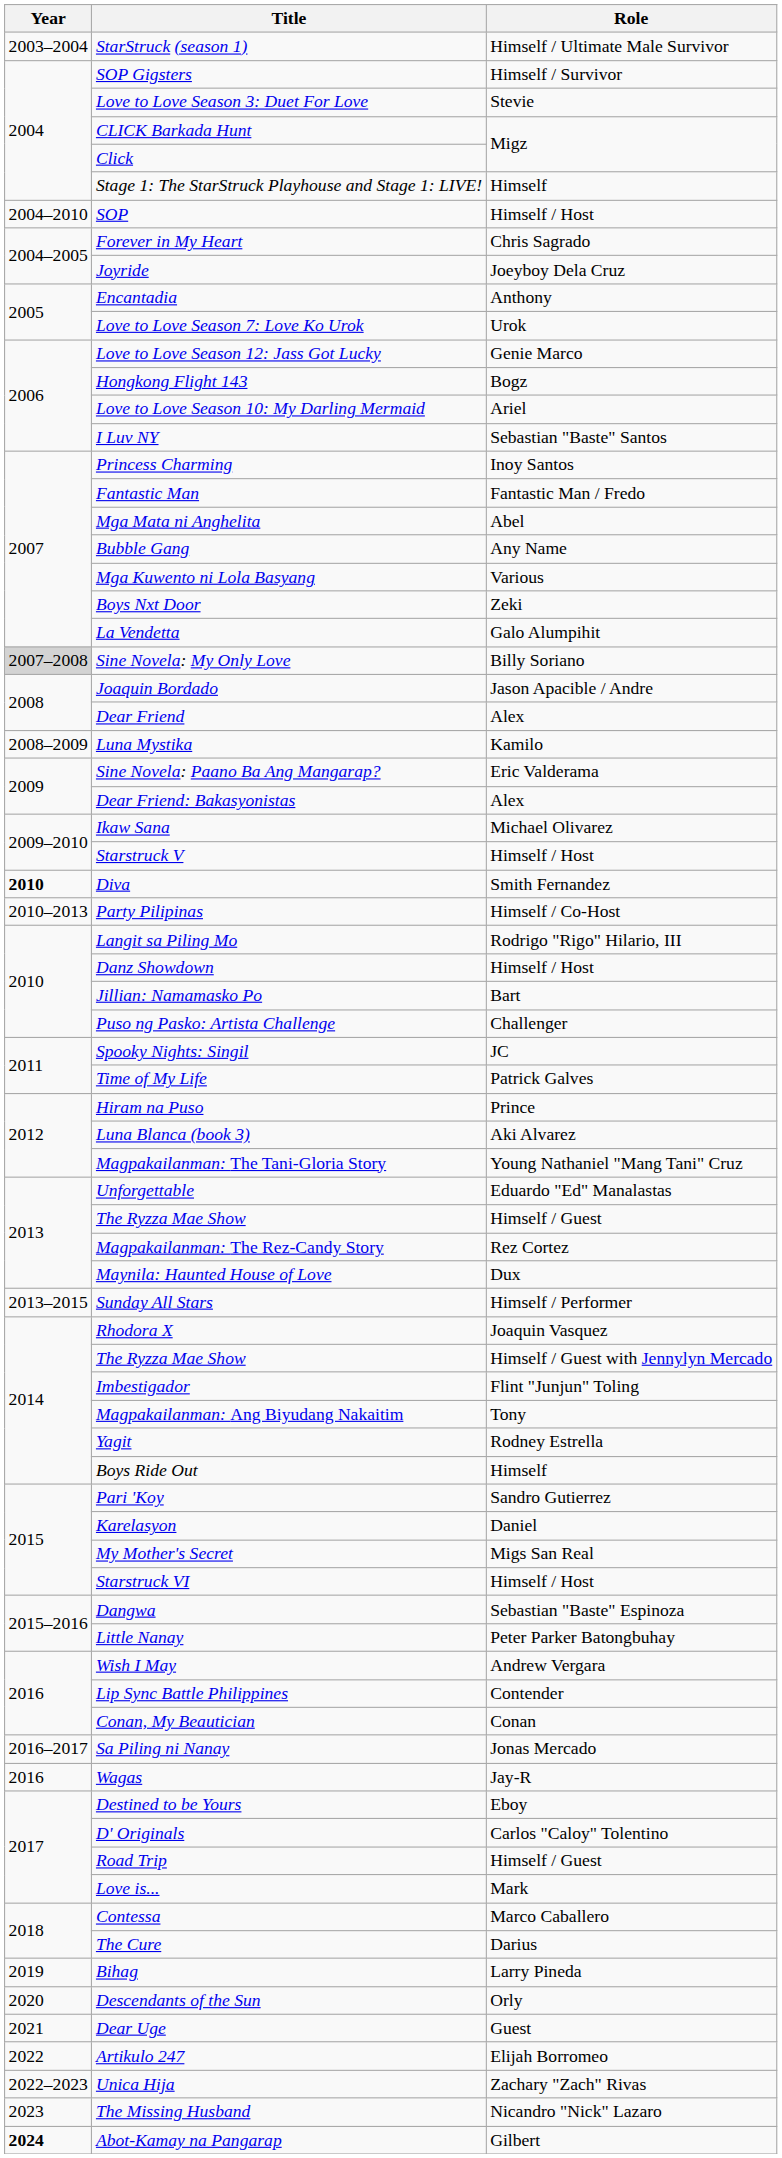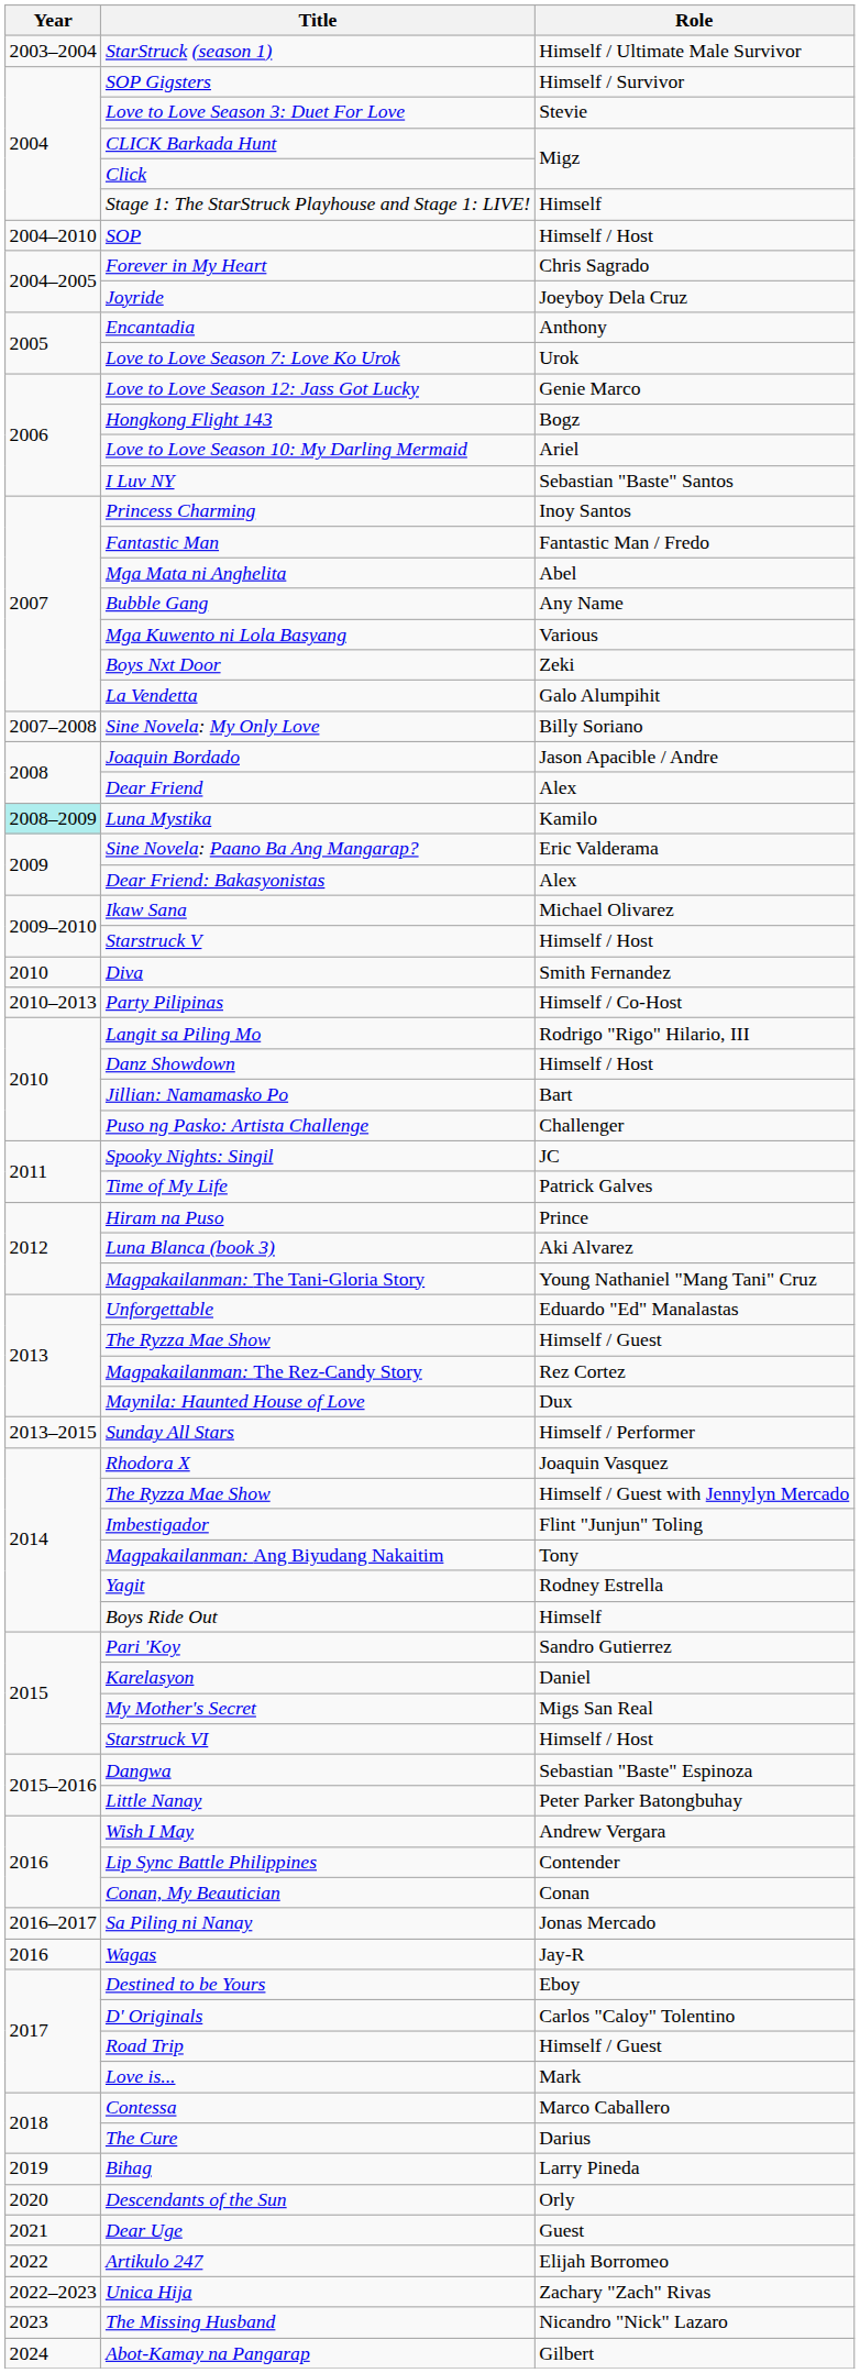 <table class="wikitable sortable">
 <tr>
 <th>Year</th>
 <th>Title</th>
 <th>Role</th>
 </tr>
 <tr>
 <td>2003–2004</td>
 <td><em><a href='#'>StarStruck</a> <a href='#'>(season 1)</a></em></td>
 <td>Himself / Ultimate Male Survivor</td>
 </tr>
 <tr>
 <td rowspan="5">2004</td>
 <td><em><a href='#'>SOP Gigsters</a></em></td>
 <td>Himself / Survivor</td>
 </tr>
 <tr>
 <td><em><a href='#'>Love to Love Season 3: Duet For Love</a></em></td>
 <td>Stevie</td>
 </tr>
 <tr>
 <td><em><a href='#'>CLICK Barkada Hunt</a></em></td>
 <td rowspan="2">Migz</td>
 </tr>
 <tr>
 <td><em><a href='#'>Click</a></em></td>
 </tr>
 <tr>
 <td><em>Stage 1: The StarStruck Playhouse and Stage 1: LIVE!</em></td>
 <td>Himself</td>
 </tr>
 <tr>
 <td>2004–2010</td>
 <td><em><a href='#'>SOP</a></em></td>
 <td>Himself / Host</td>
 </tr>
 <tr>
 <td rowspan="2">2004–2005</td>
 <td><em><a href='#'>Forever in My Heart</a></em></td>
 <td>Chris Sagrado</td>
 </tr>
 <tr>
 <td><em><a href='#'>Joyride</a></em></td>
 <td>Joeyboy Dela Cruz</td>
 </tr>
 <tr>
 <td rowspan="2">2005</td>
 <td><em><a href='#'>Encantadia</a></em></td>
 <td>Anthony</td>
 </tr>
 <tr>
 <td><em><a href='#'>Love to Love Season 7: Love Ko Urok</a></em></td>
 <td>Urok</td>
 </tr>
 <tr>
 <td rowspan="4">2006</td>
 <td><em><a href='#'>Love to Love Season 12: Jass Got Lucky</a></em></td>
 <td>Genie Marco</td>
 </tr>
 <tr>
 <td><em><a href='#'>Hongkong Flight 143</a></em></td>
 <td>Bogz</td>
 </tr>
 <tr>
 <td><em><a href='#'>Love to Love Season 10: My Darling Mermaid</a></em></td>
 <td>Ariel</td>
 </tr>
 <tr>
 <td><em><a href='#'>I Luv NY</a></em></td>
 <td>Sebastian "Baste" Santos</td>
 </tr>
 <tr>
 <td rowspan="7">2007</td>
 <td><em><a href='#'>Princess Charming</a></em></td>
 <td>Inoy Santos</td>
 </tr>
 <tr>
 <td><em><a href='#'>Fantastic Man</a></em></td>
 <td>Fantastic Man / Fredo</td>
 </tr>
 <tr>
 <td><em><a href='#'>Mga Mata ni Anghelita</a></em></td>
 <td>Abel</td>
 </tr>
 <tr>
 <td><em><a href='#'>Bubble Gang</a></em></td>
 <td>Any Name</td>
 </tr>
 <tr>
 <td><em><a href='#'>Mga Kuwento ni Lola Basyang</a></em></td>
 <td>Various</td>
 </tr>
 <tr>
 <td><em><a href='#'>Boys Nxt Door</a></em></td>
 <td>Zeki</td>
 </tr>
 <tr>
 <td><em><a href='#'>La Vendetta</a></em></td>
 <td>Galo Alumpihit</td>
 </tr>
 <tr>
-<td style="background: lightgrey;">2007–2008</td>
+<td>2007–2008</td>
 <td><em><a href='#'>Sine Novela</a>: <a href='#'>My Only Love</a></em></td>
 <td>Billy Soriano</td>
 </tr>
 <tr>
 <td rowspan="2">2008</td>
 <td><em><a href='#'>Joaquin Bordado</a></em></td>
 <td>Jason Apacible / Andre</td>
 </tr>
 <tr>
 <td><em><a href='#'>Dear Friend</a></em></td>
 <td>Alex</td>
 </tr>
 <tr>
-<td>2008–2009</td>
+<td style="background: paleturquoise;">2008–2009</td>
 <td><em><a href='#'>Luna Mystika</a></em></td>
 <td>Kamilo</td>
 </tr>
 <tr>
 <td rowspan="2">2009</td>
 <td><em><a href='#'>Sine Novela</a>: <a href='#'>Paano Ba Ang Mangarap?</a></em></td>
 <td>Eric Valderama</td>
 </tr>
 <tr>
 <td><em><a href='#'>Dear Friend: Bakasyonistas</a></em></td>
 <td>Alex</td>
 </tr>
 <tr>
 <td rowspan="2">2009–2010</td>
 <td><em><a href='#'>Ikaw Sana</a></em></td>
 <td>Michael Olivarez</td>
 </tr>
 <tr>
 <td><em><a href='#'>Starstruck V</a></em></td>
 <td>Himself / Host</td>
 </tr>
 <tr>
-<td><strong>2010</strong></td>
+<td>2010</td>
 <td><em><a href='#'>Diva</a></em></td>
 <td>Smith Fernandez</td>
 </tr>
 <tr>
 <td>2010–2013</td>
 <td><em><a href='#'>Party Pilipinas</a></em></td>
 <td>Himself / Co-Host</td>
 </tr>
 <tr>
 <td rowspan="4">2010</td>
 <td><em><a href='#'>Langit sa Piling Mo</a></em></td>
 <td>Rodrigo "Rigo" Hilario, III</td>
 </tr>
 <tr>
 <td><em><a href='#'>Danz Showdown</a></em></td>
 <td>Himself / Host</td>
 </tr>
 <tr>
 <td><em><a href='#'>Jillian: Namamasko Po</a></em></td>
 <td>Bart</td>
 </tr>
 <tr>
 <td><em><a href='#'>Puso ng Pasko: Artista Challenge</a></em></td>
 <td>Challenger</td>
 </tr>
 <tr>
 <td rowspan="2">2011</td>
 <td><em><a href='#'>Spooky Nights: Singil</a></em></td>
 <td>JC</td>
 </tr>
 <tr>
 <td><em><a href='#'>Time of My Life</a></em></td>
 <td>Patrick Galves</td>
 </tr>
 <tr>
 <td rowspan="3">2012</td>
 <td><em><a href='#'>Hiram na Puso</a></em></td>
 <td>Prince</td>
 </tr>
 <tr>
 <td><em><a href='#'>Luna Blanca (book 3)</a></em></td>
 <td>Aki Alvarez</td>
 </tr>
 <tr>
 <td><em><a href='#'>Magpakailanman: </em>The Tani-Gloria Story<em></a></em></td>
 <td>Young Nathaniel "Mang Tani" Cruz</td>
 </tr>
 <tr>
 <td rowspan="4">2013</td>
 <td><em><a href='#'>Unforgettable</a></em></td>
 <td>Eduardo "Ed" Manalastas</td>
 </tr>
 <tr>
 <td><em><a href='#'>The Ryzza Mae Show</a></em></td>
 <td>Himself / Guest</td>
 </tr>
 <tr>
 <td><em><a href='#'>Magpakailanman: </em>The Rez-Candy Story<em></a></em></td>
 <td>Rez Cortez</td>
 </tr>
 <tr>
 <td><em><a href='#'>Maynila: Haunted House of Love</a></em></td>
 <td>Dux</td>
 </tr>
 <tr>
 <td>2013–2015</td>
 <td><em><a href='#'>Sunday All Stars</a></em></td>
 <td>Himself / Performer</td>
 </tr>
 <tr>
 <td rowspan="6">2014</td>
 <td><em><a href='#'>Rhodora X</a></em></td>
 <td>Joaquin Vasquez</td>
 </tr>
 <tr>
 <td><em><a href='#'>The Ryzza Mae Show</a></em></td>
 <td>Himself / Guest with <a href='#'>Jennylyn Mercado</a></td>
 </tr>
 <tr>
 <td><em><a href='#'>Imbestigador</a></em></td>
 <td>Flint "Junjun" Toling</td>
 </tr>
 <tr>
 <td><em><a href='#'>Magpakailanman: </em>Ang Biyudang Nakaitim<em></a></em></td>
 <td>Tony</td>
 </tr>
 <tr>
 <td><em><a href='#'>Yagit</a></em></td>
 <td>Rodney Estrella</td>
 </tr>
 <tr>
 <td><em>Boys Ride Out</em></td>
 <td>Himself</td>
 </tr>
 <tr>
 <td rowspan="4">2015</td>
 <td><em><a href='#'>Pari 'Koy</a></em></td>
 <td>Sandro Gutierrez</td>
 </tr>
 <tr>
 <td><em><a href='#'>Karelasyon</a></em></td>
 <td>Daniel</td>
 </tr>
 <tr>
 <td><em><a href='#'>My Mother's Secret</a></em></td>
 <td>Migs San Real</td>
 </tr>
 <tr>
 <td><em><a href='#'>Starstruck VI</a></em></td>
 <td>Himself / Host</td>
 </tr>
 <tr>
 <td rowspan="2">2015–2016</td>
 <td><em><a href='#'>Dangwa</a></em></td>
 <td>Sebastian "Baste" Espinoza</td>
 </tr>
 <tr>
 <td><em><a href='#'>Little Nanay</a></em></td>
 <td>Peter Parker Batongbuhay</td>
 </tr>
 <tr>
 <td rowspan="3">2016</td>
 <td><em><a href='#'>Wish I May</a></em></td>
 <td>Andrew Vergara</td>
 </tr>
 <tr>
 <td><em><a href='#'>Lip Sync Battle Philippines</a></em></td>
 <td>Contender</td>
 </tr>
 <tr>
 <td><em><a href='#'>Conan, My Beautician</a></em></td>
 <td>Conan</td>
 </tr>
 <tr>
 <td>2016–2017</td>
 <td><em><a href='#'>Sa Piling ni Nanay</a></em></td>
 <td>Jonas Mercado</td>
 </tr>
 <tr>
 <td>2016</td>
 <td><em><a href='#'>Wagas</a></em></td>
 <td>Jay-R</td>
 </tr>
 <tr>
 <td rowspan="4">2017</td>
 <td><em><a href='#'>Destined to be Yours</a></em></td>
 <td>Eboy</td>
 </tr>
 <tr>
 <td><em><a href='#'>D' Originals</a></em></td>
 <td>Carlos "Caloy" Tolentino</td>
 </tr>
 <tr>
 <td><em><a href='#'>Road Trip</a></em></td>
 <td>Himself / Guest</td>
 </tr>
 <tr>
 <td><em><a href='#'>Love is...</a></em></td>
 <td>Mark</td>
 </tr>
 <tr>
 <td rowspan="2">2018</td>
 <td><em><a href='#'>Contessa</a></em></td>
 <td>Marco Caballero</td>
 </tr>
 <tr>
 <td><em><a href='#'>The Cure</a></em></td>
 <td>Darius</td>
 </tr>
 <tr>
 <td>2019</td>
 <td><em><a href='#'>Bihag</a></em></td>
 <td>Larry Pineda</td>
 </tr>
 <tr>
 <td>2020</td>
 <td><em><a href='#'>Descendants of the Sun</a></em></td>
 <td>Orly</td>
 </tr>
 <tr>
 <td>2021</td>
 <td><em><a href='#'>Dear Uge</a></em></td>
 <td>Guest</td>
 </tr>
 <tr>
 <td>2022</td>
 <td><em><a href='#'>Artikulo 247</a></em></td>
 <td>Elijah Borromeo</td>
 </tr>
 <tr>
 <td>2022–2023</td>
 <td><em><a href='#'>Unica Hija</a></em></td>
 <td>Zachary "Zach" Rivas</td>
 </tr>
 <tr>
 <td>2023</td>
 <td><em><a href='#'>The Missing Husband</a></em></td>
 <td>Nicandro "Nick" Lazaro</td>
 </tr>
 <tr>
-<td><strong>2024</strong></td>
+<td>2024</td>
 <td><em><a href='#'>Abot-Kamay na Pangarap</a></em></td>
 <td>Gilbert</td>
 </tr>
 </table>
